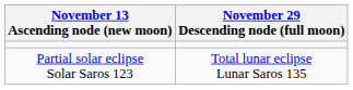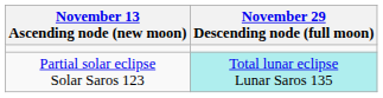 <table class="wikitable">
 <tr>
 <th><a href='#'>November 13</a><br>Ascending node (new moon)<br></th>
 <th><a href='#'>November 29</a><br>Descending node (full moon)<br></th>
 </tr>
 <tr>
 <td></td>
 <td></td>
 </tr>
 <tr align=center>
 <td><a href='#'>Partial solar eclipse</a><br>Solar Saros 123</td>
-<td><a href='#'>Total lunar eclipse</a><br>Lunar Saros 135</td>
+<td style="background: paleturquoise;"><a href='#'>Total lunar eclipse</a><br>Lunar Saros 135</td>
 </tr>
 </table>
